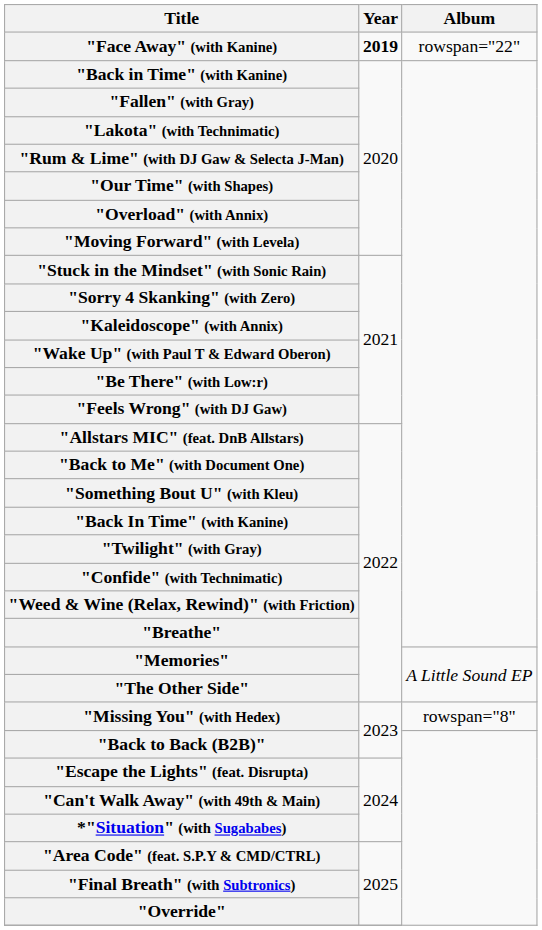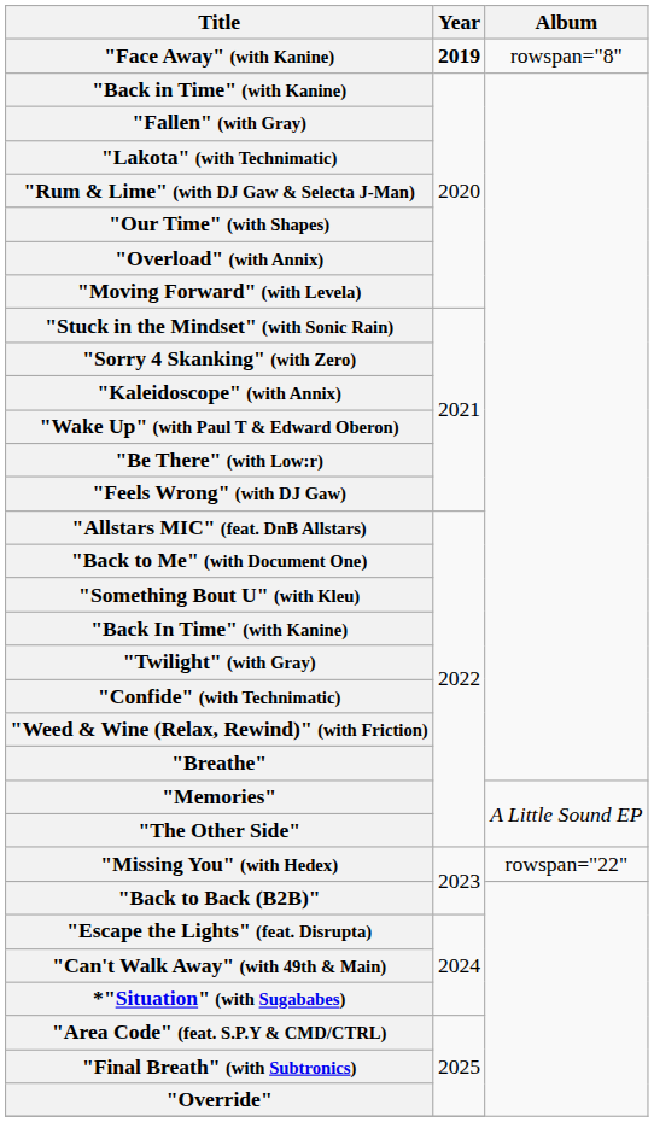 <table class="wikitable plainrowheaders" style="text-align:center">
 <tr>
 <th scope="col">Title</th>
 <th scope="col">Year</th>
 <th scope="col">Album</th>
 </tr>
 <tr>
 <th scope="row">"Face Away" <small>(with Kanine)</small></th>
 <td><strong>2019</strong></td>
-<td>rowspan="22" </td>
+<td>rowspan="8" </td>
 </tr>
 <tr>
 <th scope="row">"Back in Time" <small>(with Kanine)</small></th>
 <td rowspan="7">2020</td>
 </tr>
 <tr>
 <th scope="row">"Fallen" <small>(with Gray)</small></th>
 </tr>
 <tr>
 <th scope="row">"Lakota" <small>(with Technimatic)</small></th>
 </tr>
 <tr>
 <th scope="row">"Rum & Lime" <small>(with DJ Gaw & Selecta J-Man)</small></th>
 </tr>
 <tr>
 <th scope="row">"Our Time" <small>(with Shapes)</small></th>
 </tr>
 <tr>
 <th scope="row">"Overload" <small>(with Annix)</small></th>
 </tr>
 <tr>
 <th scope="row">"Moving Forward" <small>(with Levela)</small></th>
 </tr>
 <tr>
 <th scope="row">"Stuck in the Mindset" <small>(with Sonic Rain)</small></th>
 <td rowspan="6">2021</td>
 </tr>
 <tr>
 <th scope="row">"Sorry 4 Skanking" <small>(with Zero)</small></th>
 </tr>
 <tr>
 <th scope="row">"Kaleidoscope" <small>(with Annix)</small></th>
 </tr>
 <tr>
 <th scope="row">"Wake Up" <small>(with Paul T & Edward Oberon)</small></th>
 </tr>
 <tr>
 <th scope="row">"Be There" <small>(with Low:r)</small></th>
 </tr>
 <tr>
 <th scope="row">"Feels Wrong" <small>(with DJ Gaw)</small></th>
 </tr>
 <tr>
 <th scope="row">"Allstars MIC" <small>(feat. DnB Allstars)</small></th>
 <td rowspan="10">2022</td>
 </tr>
 <tr>
 <th scope="row">"Back to Me" <small>(with Document One)</small></th>
 </tr>
 <tr>
 <th scope="row">"Something Bout U" <small>(with Kleu)</small></th>
 </tr>
 <tr>
 <th scope="row">"Back In Time" <small>(with Kanine)</small></th>
 </tr>
 <tr>
 <th scope="row">"Twilight" <small>(with Gray)</small></th>
 </tr>
 <tr>
 <th scope="row">"Confide" <small>(with Technimatic)</small></th>
 </tr>
 <tr>
 <th scope="row">"Weed & Wine (Relax, Rewind)" <small>(with Friction)</small></th>
 </tr>
 <tr>
 <th scope="row">"Breathe"</th>
 </tr>
 <tr>
 <th scope="row">"Memories"</th>
 <td rowspan="2"><em>A Little Sound EP</em></td>
 </tr>
 <tr>
 <th scope="row">"The Other Side"</th>
 </tr>
 <tr>
 <th scope="row">"Missing You" <small>(with Hedex)</small></th>
 <td rowspan="2">2023</td>
-<td>rowspan="8" </td>
+<td>rowspan="22" </td>
 </tr>
 <tr>
 <th scope="row">"Back to Back (B2B)"</th>
 </tr>
 <tr>
 <th scope="row">"Escape the Lights" <small>(feat. Disrupta)</small></th>
 <td rowspan="3">2024</td>
 </tr>
 <tr>
 <th scope="row">"Can't Walk Away" <small>(with 49th & Main)</small></th>
 </tr>
 <tr>
 <th scope="row">*"<a href='#'>Situation</a>" <small>(with <a href='#'>Sugababes</a>)</small></th>
 </tr>
 <tr>
 <th scope="row">"Area Code" <small>(feat. S.P.Y & CMD/CTRL)</small></th>
 <td rowspan="3">2025</td>
 </tr>
 <tr>
 <th scope="row">"Final Breath" <small>(with <a href='#'>Subtronics</a>)</small></th>
 </tr>
 <tr>
 <th scope="row">"Override"</th>
 </tr>
 <tr>
 </tr>
 </table>
